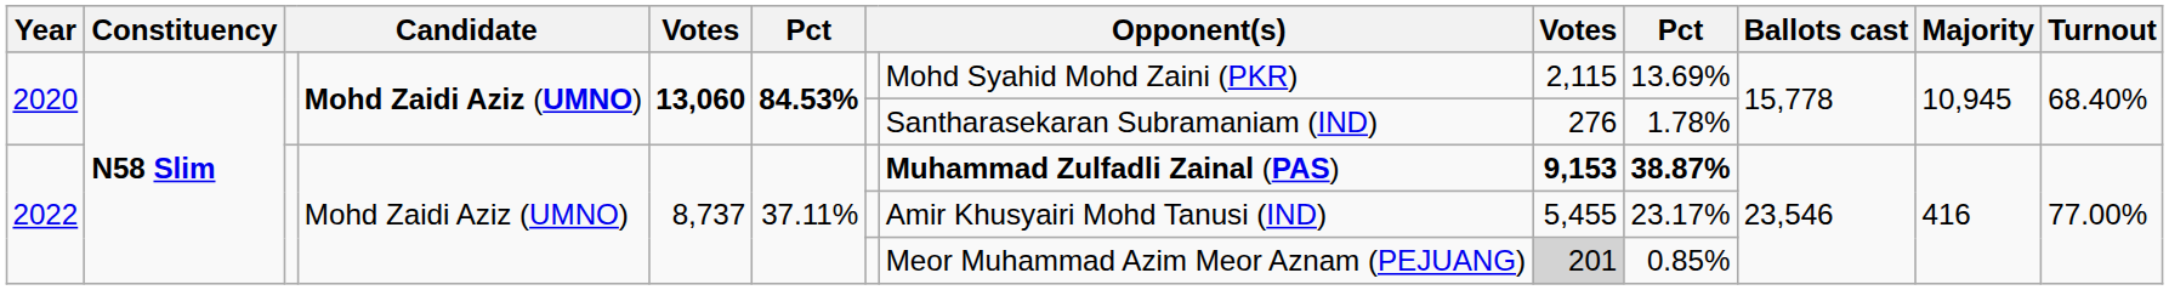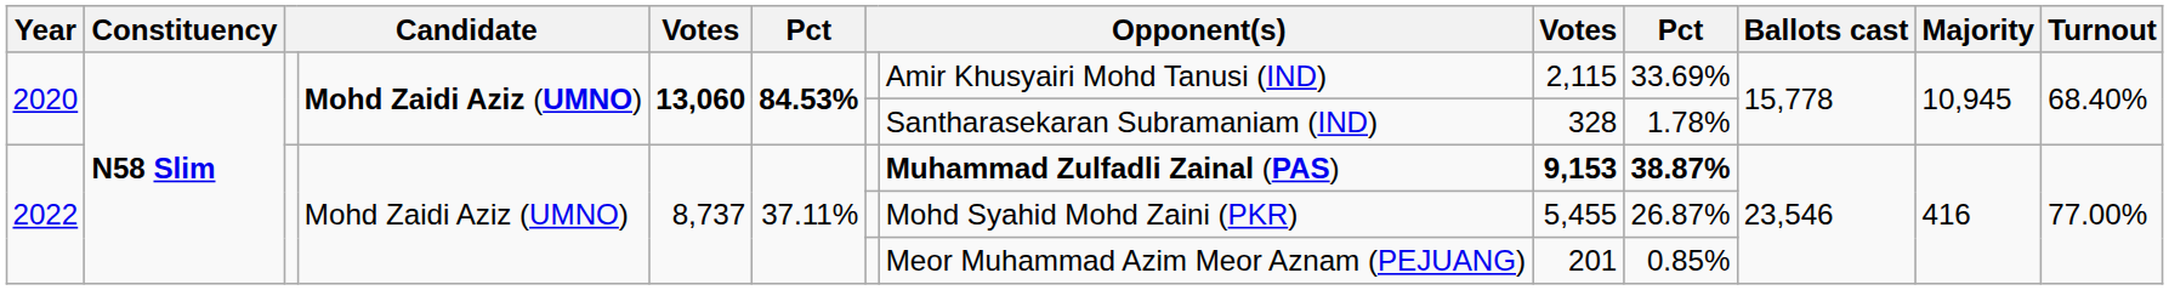 <table class="wikitable" style="margin:0.5em ; font-size:95%">
 <tr>
 <th>Year</th>
 <th>Constituency</th>
 <th colspan=2>Candidate</th>
 <th>Votes</th>
 <th>Pct</th>
 <th colspan=2>Opponent(s)</th>
 <th>Votes</th>
 <th>Pct</th>
 <th>Ballots cast</th>
 <th>Majority</th>
 <th>Turnout</th>
 </tr>
 <tr>
 <td rowspan=2><a href='#'>2020</a></td>
 <td rowspan=5><strong>N58 <a href='#'>Slim</a></strong></td>
 <td rowspan=2 ></td>
 <td rowspan=2><strong>Mohd Zaidi Aziz</strong> (<a href='#'><strong>UMNO</strong></a>)</td>
 <td rowspan=2 align="right"><strong>13,060</strong></td>
 <td rowspan=2><strong>84.53%</strong></td>
 <td></td>
-<td>Mohd Syahid Mohd Zaini (<a href='#'>PKR</a>)</td>
+<td>Amir Khusyairi Mohd Tanusi (<a href='#'>IND</a>)</td>
 <td align="right">2,115</td>
-<td>13.69%</td>
+<td>33.69%</td>
 <td rowspan=2>15,778</td>
 <td rowspan=2>10,945</td>
 <td rowspan=2>68.40%</td>
 </tr>
 <tr>
 <td></td>
 <td>Santharasekaran Subramaniam (<a href='#'>IND</a>)</td>
-<td align="right">276</td>
+<td align="right">328</td>
 <td align="right">1.78%</td>
 </tr>
 <tr>
 <td rowspan=3><a href='#'>2022</a></td>
 <td rowspan=3 ></td>
 <td rowspan=3>Mohd Zaidi Aziz (<a href='#'>UMNO</a>)</td>
 <td rowspan=3 align=right>8,737</td>
 <td rowspan=3 align=right>37.11%</td>
 <td bgcolor=></td>
 <td><strong>Muhammad Zulfadli Zainal</strong> (<a href='#'><strong>PAS</strong></a>)</td>
 <td align=right><strong>9,153</strong></td>
 <td align=right><strong>38.87%</strong></td>
 <td rowspan=3>23,546</td>
 <td rowspan=3>416</td>
 <td rowspan=3>77.00%</td>
 </tr>
 <tr>
 <td></td>
-<td>Amir Khusyairi Mohd Tanusi (<a href='#'>IND</a>)</td>
+<td>Mohd Syahid Mohd Zaini (<a href='#'>PKR</a>)</td>
 <td align=right>5,455</td>
-<td align=right>23.17%</td>
+<td align=right>26.87%</td>
 </tr>
 <tr>
 <td bgcolor=></td>
 <td>Meor Muhammad Azim Meor Aznam (<a href='#'>PEJUANG</a>)</td>
-<td align=right style="background: lightgrey;">201</td>
+<td align=right>201</td>
 <td align=right>0.85%</td>
 </tr>
 </table>
